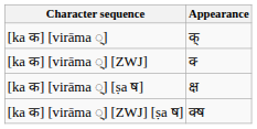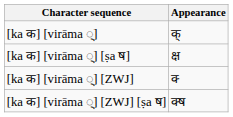 <table class="wikitable">
 <tr>
 <th>Character sequence</th>
 <th>Appearance</th>
 </tr>
 <tr>
 <td><big>[ka क] [virāma ्]</big></td>
 <td><big>क्</big></td>
 </tr>
 <tr>
+<td><big>[ka क] [virāma ्] [ṣa ष]</big></td>
+<td><big>क्ष</big></td>
+</tr>
+<tr>
 <td><big>[ka क] [virāma ्] [ZWJ]</big></td>
 <td><big>क्‍</big></td>
-</tr>
-<tr>
-<td><big>[ka क] [virāma ्] [ṣa ष]</big></td>
-<td><big>क्ष</big></td>
 </tr>
 <tr>
 <td><big>[ka क] [virāma ्] [ZWJ] [ṣa ष]</big></td>
 <td><big>क्‍ष</big></td>
 </tr>
 </table>
